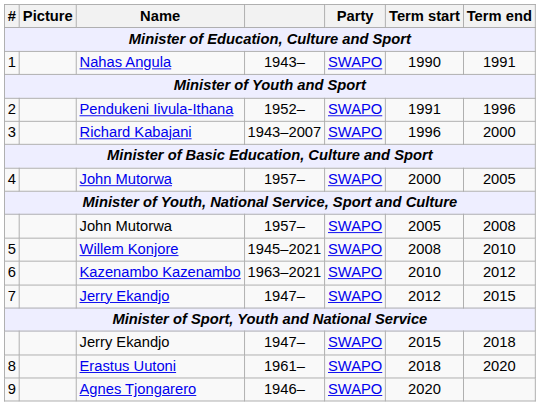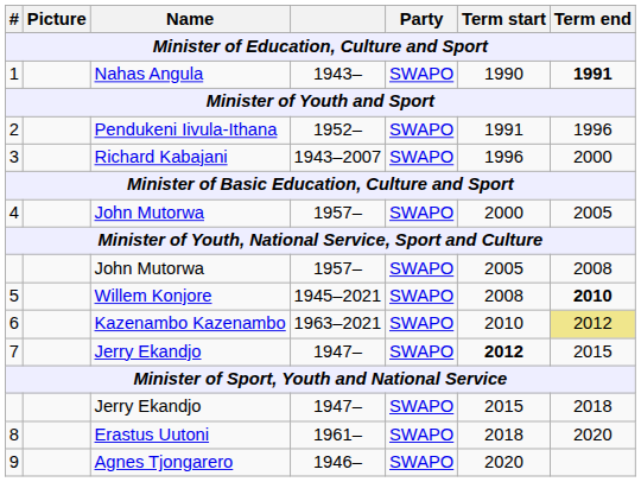 <table class="wikitable" style="text-align:center;">
 <tr>
 <th>#</th>
 <th>Picture</th>
 <th>Name</th>
 <th></th>
 <th>Party</th>
 <th>Term start</th>
 <th>Term end</th>
 </tr>
 <tr>
 <th style="background:#EEEEFF" align="center" colspan="7"><em>Minister of Education, Culture and Sport</em></th>
 </tr>
 <tr>
 <td>1</td>
 <td></td>
 <td style="text-align:left;"><a href='#'>Nahas Angula</a></td>
 <td>1943–</td>
 <td><a href='#'>SWAPO</a></td>
 <td>1990</td>
-<td>1991</td>
+<td><strong>1991</strong></td>
 </tr>
 <tr>
 <th style="background:#EEEEFF" align="center" colspan="7"><em>Minister of Youth and Sport</em></th>
 </tr>
 <tr>
 <td>2</td>
 <td></td>
 <td style="text-align:left;"><a href='#'>Pendukeni Iivula-Ithana</a></td>
 <td>1952–</td>
 <td><a href='#'>SWAPO</a></td>
 <td>1991</td>
 <td>1996</td>
 </tr>
 <tr>
 <td>3</td>
 <td></td>
 <td style="text-align:left;"><a href='#'>Richard Kabajani</a></td>
 <td>1943–2007</td>
 <td><a href='#'>SWAPO</a></td>
 <td>1996</td>
 <td>2000</td>
 </tr>
 <tr>
 <th style="background:#EEEEFF" align="center" colspan="7"><em>Minister of Basic Education, Culture and Sport</em></th>
 </tr>
 <tr>
 <td>4</td>
 <td></td>
 <td style="text-align:left;"><a href='#'>John Mutorwa</a></td>
 <td>1957–</td>
 <td><a href='#'>SWAPO</a></td>
 <td>2000</td>
 <td>2005</td>
 </tr>
 <tr>
 <th style="background:#EEEEFF" align="center" colspan="7"><em>Minister of Youth, National Service, Sport and Culture</em></th>
 </tr>
 <tr>
 <td></td>
 <td></td>
 <td style="text-align:left;">John Mutorwa</td>
 <td>1957–</td>
 <td><a href='#'>SWAPO</a></td>
 <td>2005</td>
 <td>2008</td>
 </tr>
 <tr>
 <td>5</td>
 <td></td>
 <td style="text-align:left;"><a href='#'>Willem Konjore</a></td>
 <td>1945–2021</td>
 <td><a href='#'>SWAPO</a></td>
 <td>2008</td>
-<td>2010</td>
+<td><strong>2010</strong></td>
 </tr>
 <tr>
 <td>6</td>
 <td></td>
 <td style="text-align:left;"><a href='#'>Kazenambo Kazenambo</a></td>
 <td>1963–2021</td>
 <td><a href='#'>SWAPO</a></td>
 <td>2010</td>
-<td>2012</td>
+<td style="background: khaki;">2012</td>
 </tr>
 <tr>
 <td>7</td>
 <td></td>
 <td style="text-align:left;"><a href='#'>Jerry Ekandjo</a></td>
 <td>1947–</td>
 <td><a href='#'>SWAPO</a></td>
-<td>2012</td>
+<td><strong>2012</strong></td>
 <td>2015</td>
 </tr>
 <tr>
 <th style="background:#EEEEFF" align="center" colspan="7"><em>Minister of Sport, Youth and National Service</em></th>
 </tr>
 <tr>
 <td></td>
 <td></td>
 <td style="text-align:left;">Jerry Ekandjo</td>
 <td>1947–</td>
 <td><a href='#'>SWAPO</a></td>
 <td>2015</td>
 <td>2018</td>
 </tr>
 <tr>
 <td>8</td>
 <td></td>
 <td style="text-align:left;"><a href='#'>Erastus Uutoni</a></td>
 <td>1961–</td>
 <td><a href='#'>SWAPO</a></td>
 <td>2018</td>
 <td>2020</td>
 </tr>
 <tr>
 <td>9</td>
 <td></td>
 <td style="text-align:left;"><a href='#'>Agnes Tjongarero</a></td>
 <td>1946–</td>
 <td><a href='#'>SWAPO</a></td>
 <td>2020</td>
 <td></td>
 </tr>
 </table>
